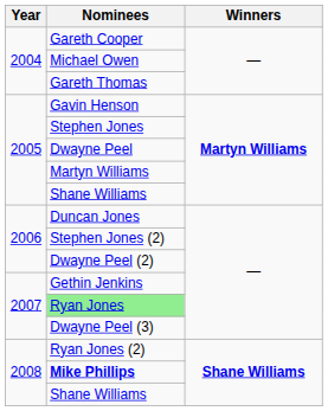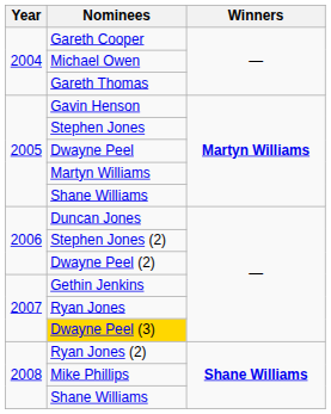 <table class="wikitable">
 <tr>
 <th width=40>Year</th>
 <th width=150>Nominees</th>
 <th width=150>Winners</th>
 </tr>
 <tr>
 <td align=center rowspan=3><a href='#'>2004</a></td>
 <td><a href='#'>Gareth Cooper</a></td>
 <td align=center rowspan=3>—</td>
 </tr>
 <tr>
 <td><a href='#'>Michael Owen</a></td>
 </tr>
 <tr>
 <td><a href='#'>Gareth Thomas</a></td>
 </tr>
 <tr>
 <td align=center rowspan=5><a href='#'>2005</a></td>
 <td><a href='#'>Gavin Henson</a></td>
 <td align=center rowspan=5><strong><a href='#'>Martyn Williams</a></strong></td>
 </tr>
 <tr>
 <td><a href='#'>Stephen Jones</a></td>
 </tr>
 <tr>
 <td><a href='#'>Dwayne Peel</a></td>
 </tr>
 <tr>
 <td><a href='#'>Martyn Williams</a></td>
 </tr>
 <tr>
 <td><a href='#'>Shane Williams</a></td>
 </tr>
 <tr>
 <td align=center rowspan=3><a href='#'>2006</a></td>
 <td><a href='#'>Duncan Jones</a></td>
 <td align=center rowspan=6>—</td>
 </tr>
 <tr>
 <td><a href='#'>Stephen Jones</a> (2)</td>
 </tr>
 <tr>
 <td><a href='#'>Dwayne Peel</a> (2)</td>
 </tr>
 <tr>
 <td align=center rowspan=3><a href='#'>2007</a></td>
 <td><a href='#'>Gethin Jenkins</a></td>
 </tr>
 <tr>
-<td style="background: lightgreen;"><a href='#'>Ryan Jones</a></td>
+<td><a href='#'>Ryan Jones</a></td>
 </tr>
 <tr>
-<td><a href='#'>Dwayne Peel</a> (3)</td>
+<td style="background: gold;"><a href='#'>Dwayne Peel</a> (3)</td>
 </tr>
 <tr>
 <td align=center rowspan=3><a href='#'>2008</a></td>
 <td><a href='#'>Ryan Jones</a> (2)</td>
 <td align=center rowspan=3><strong><a href='#'>Shane Williams</a></strong></td>
 </tr>
 <tr>
-<td><strong><a href='#'>Mike Phillips</a></strong></td>
+<td><a href='#'>Mike Phillips</a></td>
 </tr>
 <tr>
 <td><a href='#'>Shane Williams</a></td>
 </tr>
 </table>
